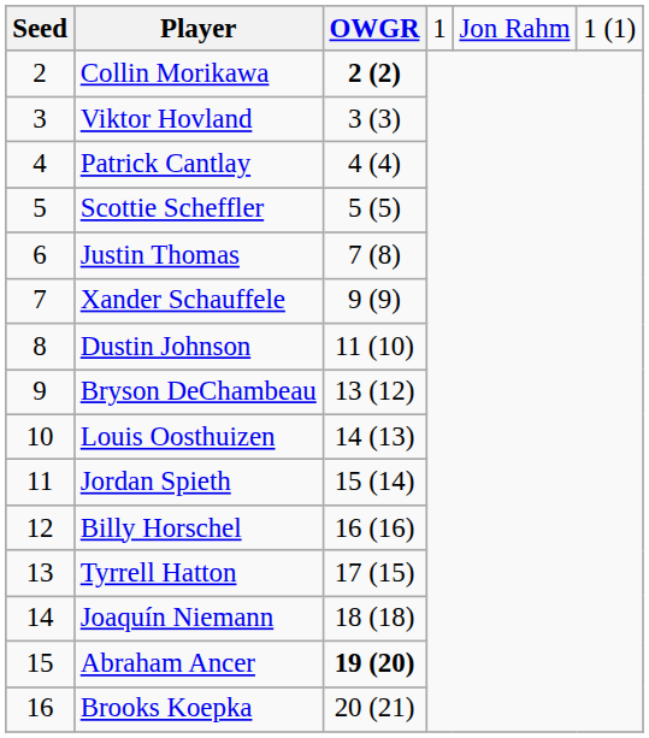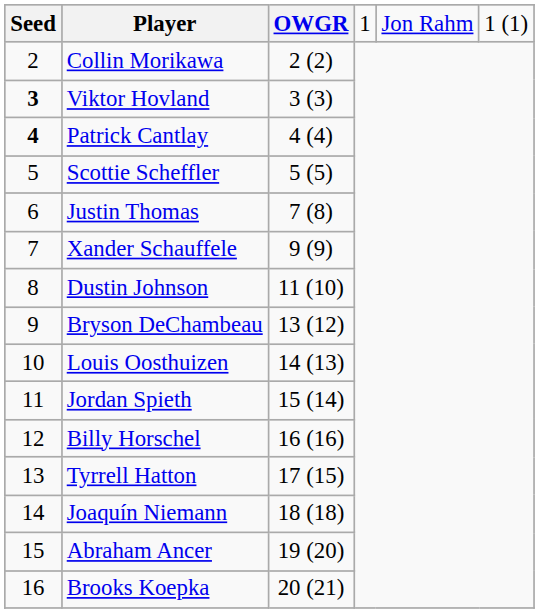 <table class=wikitable style=font-size:85%;text-align:center>
 <tr>
 <th>Seed</th>
 <th>Player</th>
 <th><a href='#'>OWGR</a></th>
 <td>1</td>
 <td style="text-align:left;"> <a href='#'>Jon Rahm</a></td>
 <td>1 (1)</td>
 </tr>
 <tr>
 <td>2</td>
 <td style="text-align:left;"> <a href='#'>Collin Morikawa</a></td>
-<td><strong>2 (2)</strong></td>
+<td>2 (2)</td>
 </tr>
 <tr>
-<td>3</td>
+<td><strong>3</strong></td>
 <td style="text-align:left;"> <a href='#'>Viktor Hovland</a></td>
 <td>3 (3)</td>
 </tr>
 <tr>
-<td>4</td>
+<td><strong>4</strong></td>
 <td style="text-align:left;"> <a href='#'>Patrick Cantlay</a></td>
 <td>4 (4)</td>
 </tr>
 <tr>
 <td>5</td>
 <td style="text-align:left;"> <a href='#'>Scottie Scheffler</a></td>
 <td>5 (5)</td>
 </tr>
 <tr>
 <td>6</td>
 <td style="text-align:left;"> <a href='#'>Justin Thomas</a></td>
 <td>7 (8)</td>
 </tr>
 <tr>
 <td>7</td>
 <td style="text-align:left;"> <a href='#'>Xander Schauffele</a></td>
 <td>9 (9)</td>
 </tr>
 <tr>
 <td>8</td>
 <td style="text-align:left;"> <a href='#'>Dustin Johnson</a></td>
 <td>11 (10)</td>
 </tr>
 <tr>
 <td>9</td>
 <td style="text-align:left;"> <a href='#'>Bryson DeChambeau</a></td>
 <td>13 (12)</td>
 </tr>
 <tr>
 <td>10</td>
 <td style="text-align:left;"> <a href='#'>Louis Oosthuizen</a></td>
 <td>14 (13)</td>
 </tr>
 <tr>
 <td>11</td>
 <td style="text-align:left;"> <a href='#'>Jordan Spieth</a></td>
 <td>15 (14)</td>
 </tr>
 <tr>
 <td>12</td>
 <td style="text-align:left;"> <a href='#'>Billy Horschel</a></td>
 <td>16 (16)</td>
 </tr>
 <tr>
 <td>13</td>
 <td style="text-align:left;"> <a href='#'>Tyrrell Hatton</a></td>
 <td>17 (15)</td>
 </tr>
 <tr>
 <td>14</td>
 <td style="text-align:left;"> <a href='#'>Joaquín Niemann</a></td>
 <td>18 (18)</td>
 </tr>
 <tr>
 <td>15</td>
 <td style="text-align:left;"> <a href='#'>Abraham Ancer</a></td>
-<td><strong>19 (20)</strong></td>
+<td>19 (20)</td>
 </tr>
 <tr>
 <td>16</td>
 <td style="text-align:left;"> <a href='#'>Brooks Koepka</a></td>
 <td>20 (21)</td>
 </tr>
 </table>
